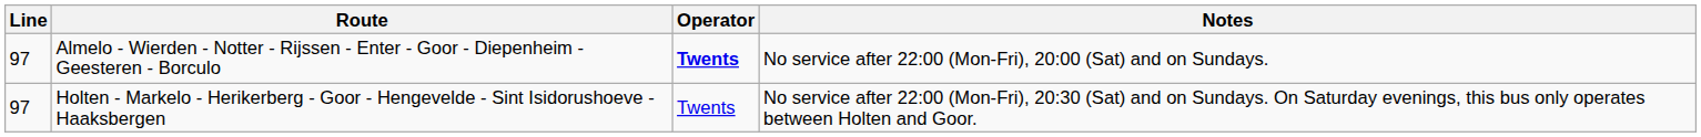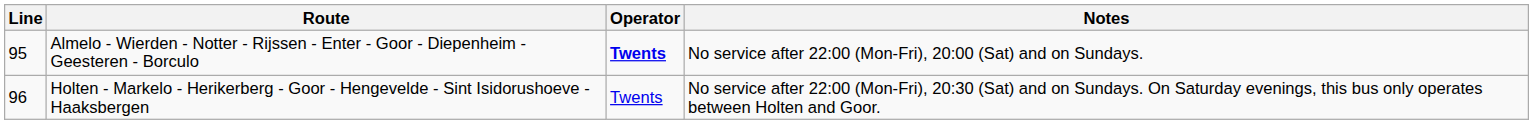 <table class="wikitable" style="font-size:85%;">
 <tr>
 <th>Line</th>
 <th>Route</th>
 <th>Operator</th>
 <th>Notes</th>
 </tr>
 <tr>
-<td>97</td>
+<td>95</td>
 <td>Almelo - Wierden - Notter - Rijssen - Enter - Goor - Diepenheim - Geesteren - Borculo</td>
 <td><strong><a href='#'>Twents</a></strong></td>
 <td>No service after 22:00 (Mon-Fri), 20:00 (Sat) and on Sundays.</td>
 </tr>
 <tr>
-<td>97</td>
+<td>96</td>
 <td>Holten - Markelo - Herikerberg - Goor - Hengevelde - Sint Isidorushoeve - Haaksbergen</td>
 <td><a href='#'>Twents</a></td>
 <td>No service after 22:00 (Mon-Fri), 20:30 (Sat) and on Sundays. On Saturday evenings, this bus only operates between Holten and Goor.</td>
 </tr>
 </table>
